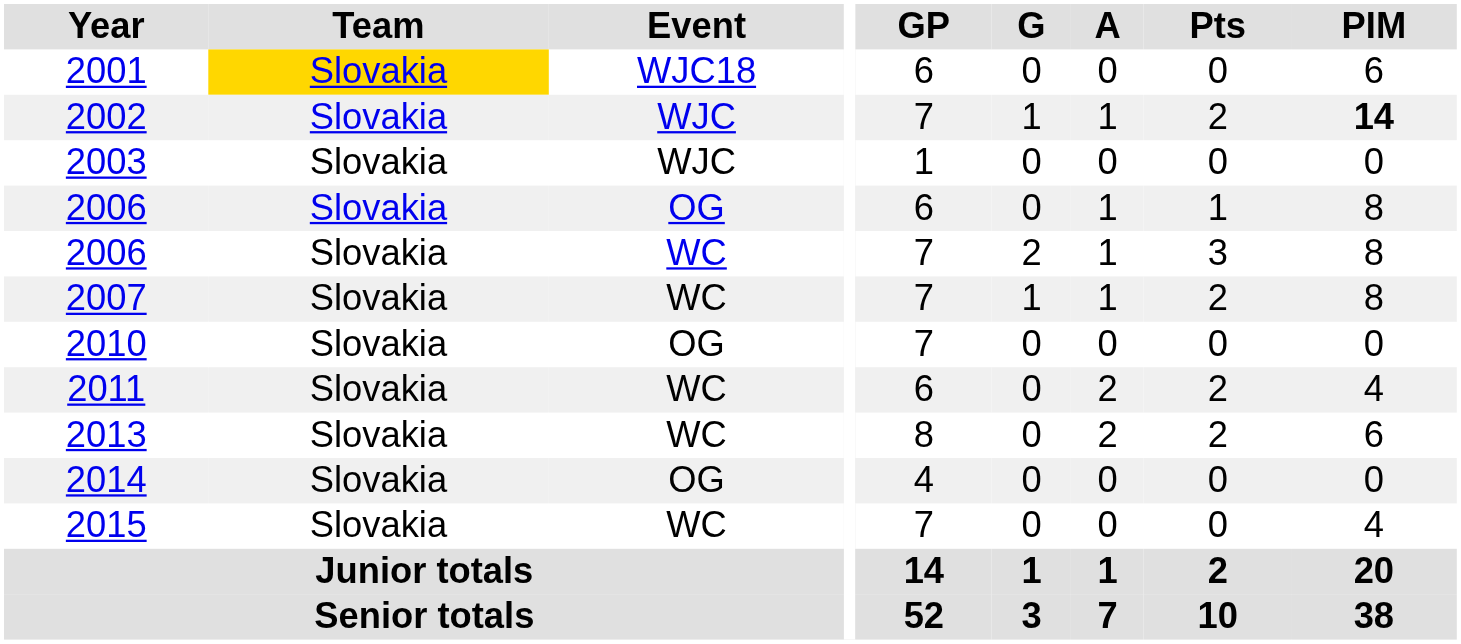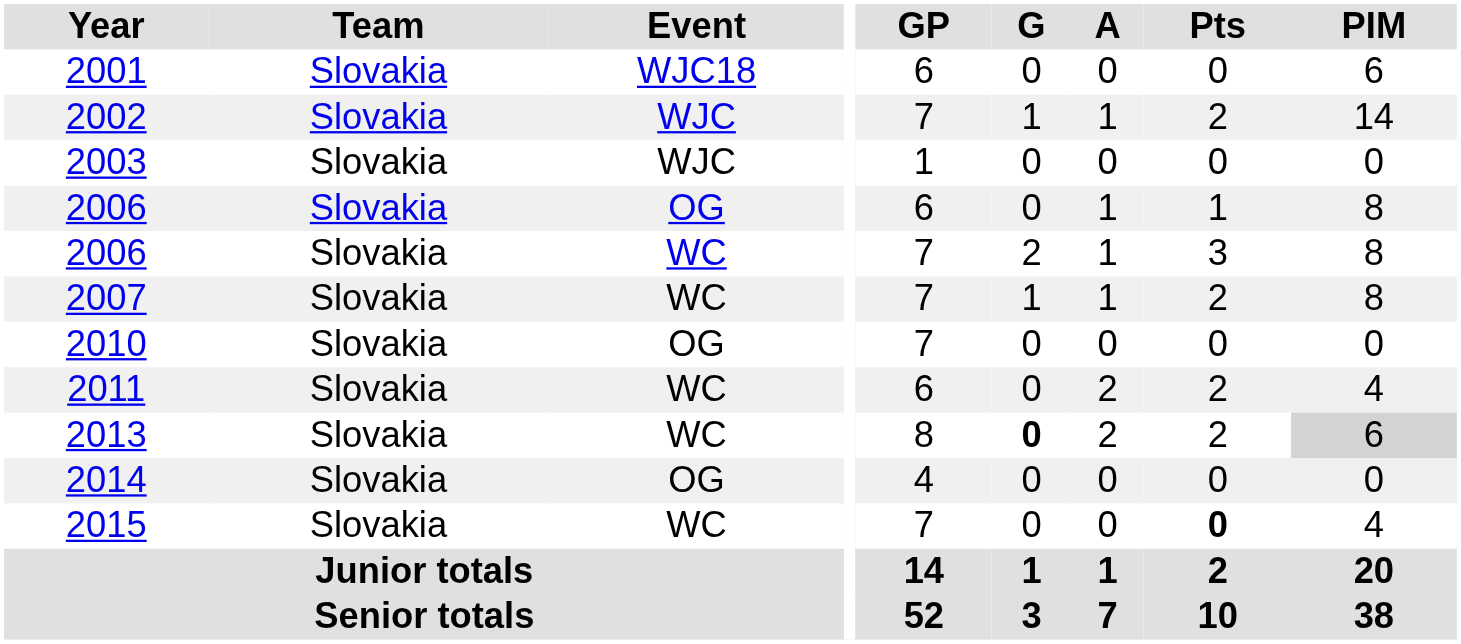 <table border="0" cellpadding="1" cellspacing="0" ID="Table3" style="text-align:center; width:40em">
 <tr align="center" bgcolor="#e0e0e0">
 <th>Year</th>
 <th>Team</th>
 <th>Event</th>
 <th rowspan="99" bgcolor="#ffffff"></th>
 <th>GP</th>
 <th>G</th>
 <th>A</th>
 <th>Pts</th>
 <th>PIM</th>
 </tr>
 <tr>
 <td><a href='#'>2001</a></td>
-<td style="background: gold;"><a href='#'>Slovakia</a></td>
+<td><a href='#'>Slovakia</a></td>
 <td><a href='#'>WJC18</a></td>
 <td>6</td>
 <td>0</td>
 <td>0</td>
 <td>0</td>
 <td>6</td>
 </tr>
 <tr bgcolor="#f0f0f0">
 <td><a href='#'>2002</a></td>
 <td><a href='#'>Slovakia</a></td>
 <td><a href='#'>WJC</a></td>
 <td>7</td>
 <td>1</td>
 <td>1</td>
 <td>2</td>
-<td><strong>14</strong></td>
+<td>14</td>
 </tr>
 <tr>
 <td><a href='#'>2003</a></td>
 <td>Slovakia</td>
 <td>WJC</td>
 <td>1</td>
 <td>0</td>
 <td>0</td>
 <td>0</td>
 <td>0</td>
 </tr>
 <tr bgcolor="#f0f0f0">
 <td><a href='#'>2006</a></td>
 <td><a href='#'>Slovakia</a></td>
 <td><a href='#'>OG</a></td>
 <td>6</td>
 <td>0</td>
 <td>1</td>
 <td>1</td>
 <td>8</td>
 </tr>
 <tr>
 <td><a href='#'>2006</a></td>
 <td>Slovakia</td>
 <td><a href='#'>WC</a></td>
 <td>7</td>
 <td>2</td>
 <td>1</td>
 <td>3</td>
 <td>8</td>
 </tr>
 <tr bgcolor="#f0f0f0">
 <td><a href='#'>2007</a></td>
 <td>Slovakia</td>
 <td>WC</td>
 <td>7</td>
 <td>1</td>
 <td>1</td>
 <td>2</td>
 <td>8</td>
 </tr>
 <tr>
 <td><a href='#'>2010</a></td>
 <td>Slovakia</td>
 <td>OG</td>
 <td>7</td>
 <td>0</td>
 <td>0</td>
 <td>0</td>
 <td>0</td>
 </tr>
 <tr bgcolor="#f0f0f0">
 <td><a href='#'>2011</a></td>
 <td>Slovakia</td>
 <td>WC</td>
 <td>6</td>
 <td>0</td>
 <td>2</td>
 <td>2</td>
 <td>4</td>
 </tr>
 <tr>
 <td><a href='#'>2013</a></td>
 <td>Slovakia</td>
 <td>WC</td>
 <td>8</td>
-<td>0</td>
+<td><strong>0</strong></td>
 <td>2</td>
 <td>2</td>
-<td>6</td>
+<td style="background: lightgrey;">6</td>
 </tr>
 <tr bgcolor="#f0f0f0">
 <td><a href='#'>2014</a></td>
 <td>Slovakia</td>
 <td>OG</td>
 <td>4</td>
 <td>0</td>
 <td>0</td>
 <td>0</td>
 <td>0</td>
 </tr>
 <tr>
 <td><a href='#'>2015</a></td>
 <td>Slovakia</td>
 <td>WC</td>
 <td>7</td>
 <td>0</td>
 <td>0</td>
-<td>0</td>
+<td><strong>0</strong></td>
 <td>4</td>
 </tr>
 <tr bgcolor="#e0e0e0">
 <th colspan="3">Junior totals</th>
 <th>14</th>
 <th>1</th>
 <th>1</th>
 <th>2</th>
 <th>20</th>
 </tr>
 <tr bgcolor="#e0e0e0">
 <th colspan="3">Senior totals</th>
 <th>52</th>
 <th>3</th>
 <th>7</th>
 <th>10</th>
 <th>38</th>
 </tr>
 </table>
